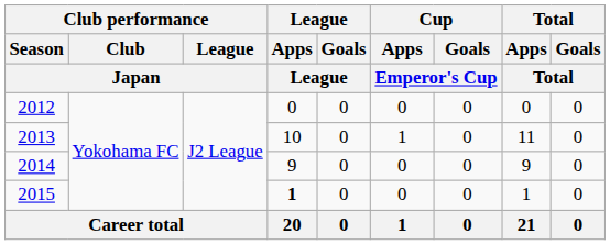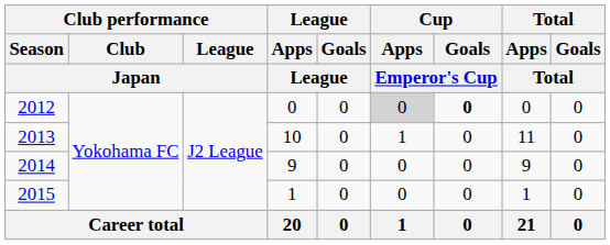 <table class="wikitable" style="text-align:center">
 <tr>
 <th colspan=3>Club performance</th>
 <th colspan=2>League</th>
 <th colspan=2>Cup</th>
 <th colspan=2>Total</th>
 </tr>
 <tr>
 <th>Season</th>
 <th>Club</th>
 <th>League</th>
 <th>Apps</th>
 <th>Goals</th>
 <th>Apps</th>
 <th>Goals</th>
 <th>Apps</th>
 <th>Goals</th>
 </tr>
 <tr>
 <th colspan=3>Japan</th>
 <th colspan=2>League</th>
 <th colspan=2><a href='#'>Emperor's Cup</a></th>
 <th colspan=2>Total</th>
 </tr>
 <tr>
 <td><a href='#'>2012</a></td>
 <td rowspan="4"><a href='#'>Yokohama FC</a></td>
 <td rowspan="4"><a href='#'>J2 League</a></td>
 <td>0</td>
 <td>0</td>
-<td>0</td>
-<td>0</td>
+<td style="background: lightgrey;">0</td>
+<td><strong>0</strong></td>
 <td>0</td>
 <td>0</td>
 </tr>
 <tr>
 <td><a href='#'>2013</a></td>
 <td>10</td>
 <td>0</td>
 <td>1</td>
 <td>0</td>
 <td>11</td>
 <td>0</td>
 </tr>
 <tr>
 <td><a href='#'>2014</a></td>
 <td>9</td>
 <td>0</td>
 <td>0</td>
 <td>0</td>
 <td>9</td>
 <td>0</td>
 </tr>
 <tr>
 <td><a href='#'>2015</a></td>
-<td><strong>1</strong></td>
+<td>1</td>
 <td>0</td>
 <td>0</td>
 <td>0</td>
 <td>1</td>
 <td>0</td>
 </tr>
 <tr>
 <th colspan=3>Career total</th>
 <th>20</th>
 <th>0</th>
 <th>1</th>
 <th>0</th>
 <th>21</th>
 <th>0</th>
 </tr>
 </table>
